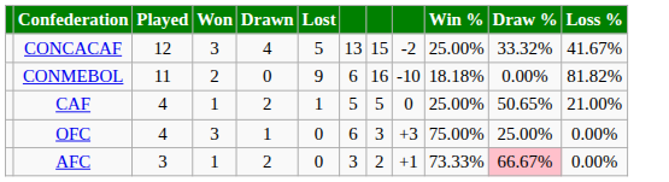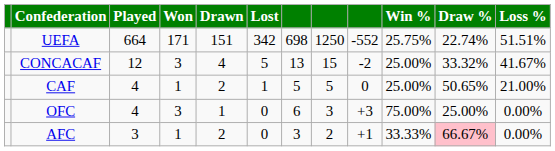 <table class="wikitable sortable" style="text-align:center">
 <tr>
 <th style="background-color:#008000; color:white; "></th>
 <th style="background-color:#008000; color:white; ">Confederation</th>
 <th style="background-color:#008000; color:white; ">Played</th>
 <th style="background-color:#008000; color:white; ">Won</th>
 <th style="background-color:#008000; color:white; ">Drawn</th>
 <th style="background-color:#008000; color:white; ">Lost</th>
 <th style="background-color:#008000; color:white; "></th>
 <th style="background-color:#008000; color:white; "></th>
 <th style="background-color:#008000; color:white; "></th>
 <th style="background-color:#008000; color:white; ">Win %</th>
 <th style="background-color:#008000; color:white; ">Draw %</th>
 <th style="background-color:#008000; color:white; ">Loss %</th>
 </tr>
 <tr align=center>
 <td></td>
+<td><a href='#'>UEFA</a></td>
+<td>664</td>
+<td>171</td>
+<td>151</td>
+<td>342</td>
+<td>698</td>
+<td>1250</td>
+<td>-552</td>
+<td>25.75%</td>
+<td>22.74%</td>
+<td>51.51%</td>
+</tr>
+<tr align=center>
+<td></td>
 <td><a href='#'>CONCACAF</a></td>
 <td>12</td>
 <td>3</td>
 <td>4</td>
 <td>5</td>
 <td>13</td>
 <td>15</td>
 <td>-2</td>
 <td>25.00%</td>
 <td>33.32%</td>
 <td>41.67%</td>
-</tr>
-<tr align=center>
-<td></td>
-<td><a href='#'>CONMEBOL</a></td>
-<td>11</td>
-<td>2</td>
-<td>0</td>
-<td>9</td>
-<td>6</td>
-<td>16</td>
-<td>-10</td>
-<td>18.18%</td>
-<td>0.00%</td>
-<td>81.82%</td>
 </tr>
 <tr align=center>
 <td></td>
 <td><a href='#'>CAF</a></td>
 <td>4</td>
 <td>1</td>
 <td>2</td>
 <td>1</td>
 <td>5</td>
 <td>5</td>
 <td>0</td>
 <td>25.00%</td>
 <td>50.65%</td>
 <td>21.00%</td>
 </tr>
 <tr align=center>
 <td></td>
 <td><a href='#'>OFC</a></td>
 <td>4</td>
 <td>3</td>
 <td>1</td>
 <td>0</td>
 <td>6</td>
 <td>3</td>
 <td>+3</td>
 <td>75.00%</td>
 <td>25.00%</td>
 <td>0.00%</td>
 </tr>
 <tr align=center>
 <td></td>
 <td><a href='#'>AFC</a></td>
 <td>3</td>
 <td>1</td>
 <td>2</td>
 <td>0</td>
 <td>3</td>
 <td>2</td>
 <td>+1</td>
-<td>73.33%</td>
+<td>33.33%</td>
 <td style="background: pink;">66.67%</td>
 <td>0.00%</td>
 </tr>
 </table>
